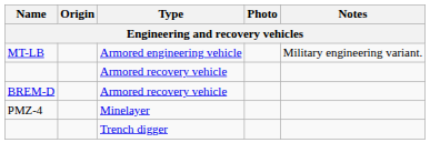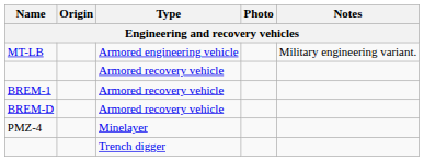 <table class="wikitable">
 <tr>
 <th style="text-align: width:13%;">Name</th>
 <th style="text-align: width:13%;">Origin</th>
 <th style="text-align: width:16%;">Type</th>
 <th style="text-align: width:9%; ">Photo</th>
 <th style="text-align: width:48%;">Notes</th>
 </tr>
 <tr>
 <th colspan="5" style="align: center;">Engineering and recovery vehicles</th>
 </tr>
 <tr>
 <td><a href='#'>MT-LB</a></td>
 <td></td>
 <td><a href='#'>Armored engineering vehicle</a></td>
 <td></td>
 <td>Military engineering variant.</td>
 </tr>
 <tr>
 <td></td>
+<td></td>
+<td><a href='#'>Armored recovery vehicle</a></td>
+<td></td>
+<td></td>
+</tr>
+<tr>
+<td><a href='#'>BREM-1</a></td>
 <td></td>
 <td><a href='#'>Armored recovery vehicle</a></td>
 <td></td>
 <td></td>
 </tr>
 <tr>
 <td><a href='#'>BREM-D</a></td>
 <td></td>
 <td><a href='#'>Armored recovery vehicle</a></td>
 <td></td>
 <td></td>
 </tr>
 <tr>
 <td>PMZ-4</td>
 <td></td>
 <td><a href='#'>Minelayer</a></td>
 <td></td>
 <td></td>
 </tr>
 <tr>
 <td></td>
 <td></td>
 <td><a href='#'>Trench digger</a></td>
 <td></td>
 <td></td>
 </tr>
 </table>
